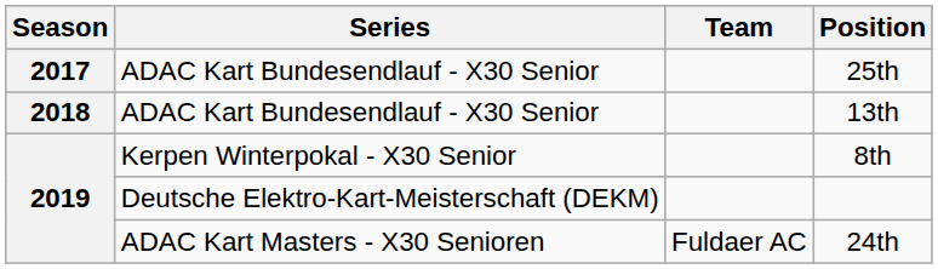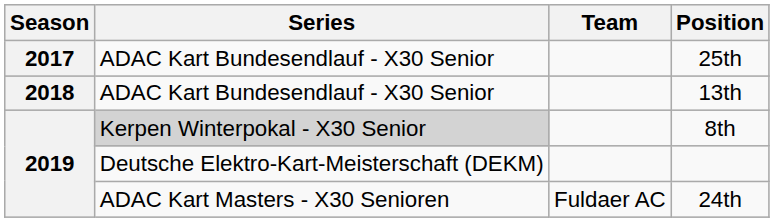 <table class="wikitable" style="font-size: 90%; text-align:center">
 <tr>
 <th>Season</th>
 <th>Series</th>
 <th>Team</th>
 <th>Position</th>
 </tr>
 <tr>
 <th>2017</th>
 <td align="left">ADAC Kart Bundesendlauf - X30 Senior</td>
 <td align="left"></td>
 <td>25th</td>
 </tr>
 <tr>
 <th>2018</th>
 <td align="left">ADAC Kart Bundesendlauf - X30 Senior</td>
 <td align="left"></td>
 <td>13th</td>
 </tr>
 <tr>
 <th rowspan="3">2019</th>
-<td align="left">Kerpen Winterpokal - X30 Senior</td>
+<td align="left" style="background: lightgrey;">Kerpen Winterpokal - X30 Senior</td>
 <td align="left"></td>
 <td>8th</td>
 </tr>
 <tr>
 <td align="left">Deutsche Elektro-Kart-Meisterschaft (DEKM)</td>
 <td align="left"></td>
 <td></td>
 </tr>
 <tr>
 <td align="left">ADAC Kart Masters - X30 Senioren</td>
 <td align="left">Fuldaer AC</td>
 <td>24th</td>
 </tr>
 </table>
